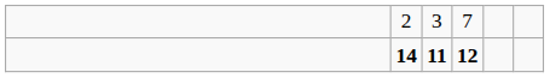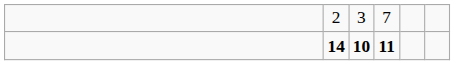 <table class="wikitable">
 <tr>
 <td style="width:18em"></td>
 <td align=center style="width:1em">2</td>
 <td align=center style="width:1em">3</td>
 <td align=center style="width:1em">7</td>
 <td align=center style="width:1em"></td>
 <td align=center style="width:1em"></td>
 </tr>
 <tr>
 <td style="width:18em"><strong></strong></td>
 <td align=center style="width:1em"><strong>14</strong></td>
+<td align=center style="width:1em"><strong>10</strong></td>
 <td align=center style="width:1em"><strong>11</strong></td>
-<td align=center style="width:1em"><strong>12</strong></td>
 <td align=center style="width:1em"></td>
 <td align=center style="width:1em"></td>
 </tr>
 </table>
